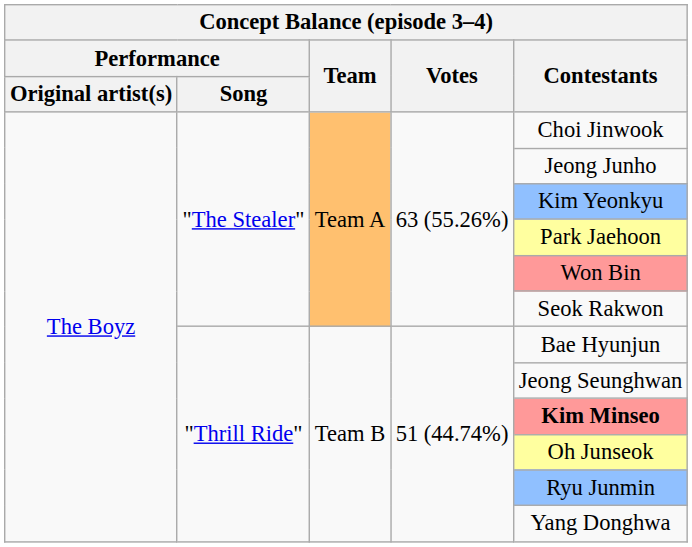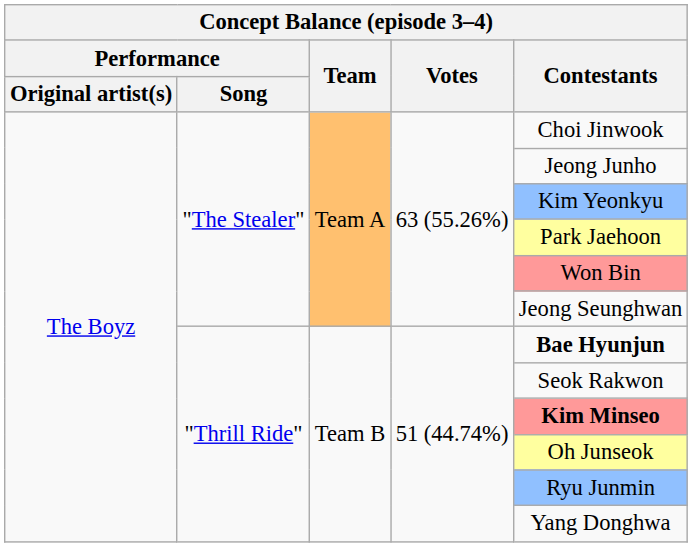 <table class="wikitable" style="text-align:center;">
 <tr>
 <th colspan="5">Concept Balance (episode 3–4)</th>
 </tr>
 <tr>
 <th colspan="2">Performance</th>
 <th rowspan="2">Team</th>
 <th rowspan="2">Votes</th>
 <th rowspan="2">Contestants</th>
 </tr>
 <tr>
 <th>Original artist(s)</th>
 <th>Song</th>
 </tr>
 <tr>
 <td rowspan="12"><a href='#'>The Boyz</a></td>
 <td rowspan="6">"<a href='#'>The Stealer</a>"</td>
 <td rowspan="6" style="background:#FFC06F;">Team A</td>
 <td rowspan="6">63 (55.26%)</td>
 <td>Choi Jinwook</td>
 </tr>
 <tr>
 <td>Jeong Junho</td>
 </tr>
 <tr>
 <td style="background:#90C0FF;">Kim Yeonkyu</td>
 </tr>
 <tr>
 <td style="background:#FFFF9F;">Park Jaehoon</td>
 </tr>
 <tr>
 <td style="background:#FF9999;">Won Bin</td>
 </tr>
 <tr>
-<td>Seok Rakwon</td>
+<td>Jeong Seunghwan</td>
 </tr>
 <tr>
 <td rowspan="6">"<a href='#'>Thrill Ride</a>"</td>
 <td rowspan="6">Team B</td>
 <td rowspan="6">51 (44.74%)</td>
-<td>Bae Hyunjun</td>
+<td><strong>Bae Hyunjun</strong></td>
 </tr>
 <tr>
-<td>Jeong Seunghwan</td>
+<td>Seok Rakwon</td>
 </tr>
 <tr>
 <td style="background:#FF9999;"><strong>Kim Minseo</strong></td>
 </tr>
 <tr>
 <td style="background:#FFFF9F;">Oh Junseok</td>
 </tr>
 <tr>
 <td style="background:#90C0FF;">Ryu Junmin</td>
 </tr>
 <tr>
 <td>Yang Donghwa</td>
 </tr>
 </table>
